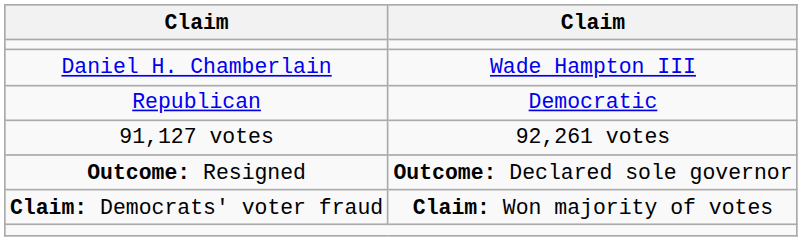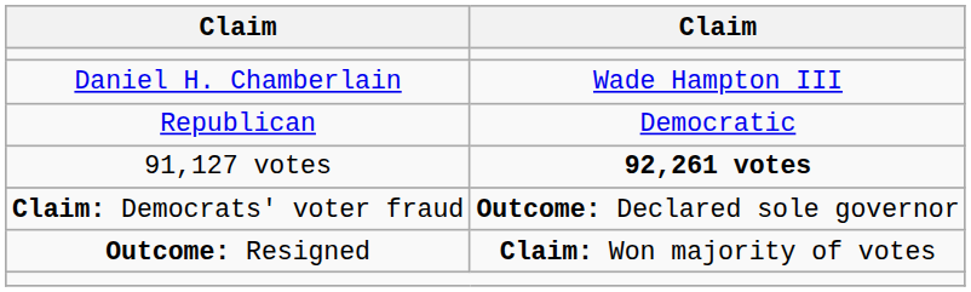 <table class="wikitable floatright"  style="text-align: center;">
 <tr>
 <th scope="col">Claim</th>
 <th scope="col">Claim</th>
 </tr>
 <tr>
 <td></td>
 <td></td>
 </tr>
 <tr>
 <td><a href='#'>Daniel H. Chamberlain</a></td>
 <td><a href='#'>Wade Hampton III</a></td>
 </tr>
 <tr>
 <td><a href='#'>Republican</a></td>
 <td><a href='#'>Democratic</a></td>
 </tr>
 <tr>
 <td>91,127 votes</td>
-<td>92,261 votes</td>
+<td><strong>92,261 votes</strong></td>
+</tr>
+<tr>
+<td><strong>Claim:</strong> Democrats' voter fraud</td>
+<td><strong>Outcome:</strong> Declared sole governor</td>
 </tr>
 <tr>
 <td><strong>Outcome:</strong> Resigned</td>
-<td><strong>Outcome:</strong> Declared sole governor</td>
-</tr>
-<tr>
-<td><strong>Claim:</strong> Democrats' voter fraud</td>
 <td><strong>Claim:</strong> Won majority of votes</td>
 </tr>
 <tr>
 <td colspan=2></td>
 </tr>
 </table>
